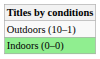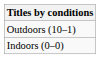 <table class=wikitable>
 <tr>
 <th>Titles by conditions</th>
 </tr>
 <tr>
 <td>Outdoors (10–1)</td>
 </tr>
 <tr>
-<td style="background: lightgreen;">Indoors (0–0)</td>
+<td>Indoors (0–0)</td>
 </tr>
 </table>
